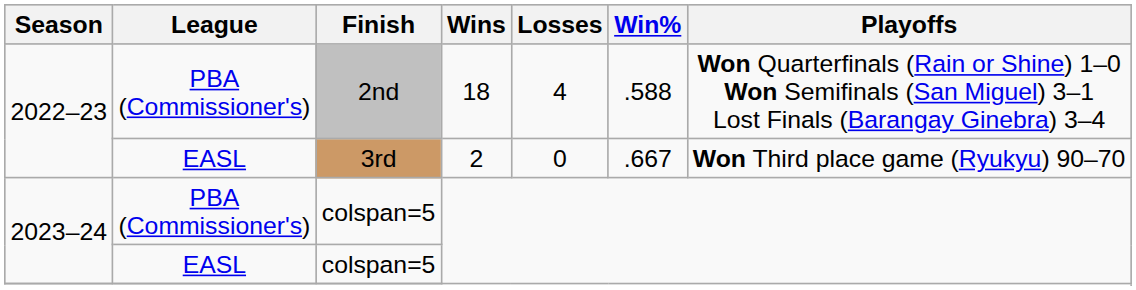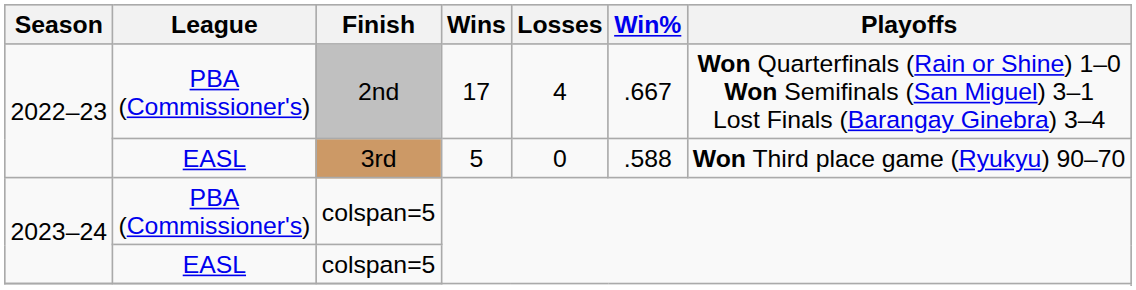 <table class="wikitable" style="text-align:center; font-size:95%">
 <tr>
 <th scope="col">Season</th>
 <th scope="col">League</th>
 <th scope="col">Finish</th>
 <th scope="col">Wins</th>
 <th scope="col">Losses</th>
 <th scope="col"><a href='#'>Win%</a></th>
 <th scope="col">Playoffs</th>
 </tr>
 <tr>
 <td rowspan=2>2022–23</td>
 <td><a href='#'>PBA</a><br>(<a href='#'>Commissioner's</a>)</td>
 <td bgcolor=silver>2nd</td>
-<td>18</td>
+<td>17</td>
 <td>4</td>
-<td>.588</td>
+<td>.667</td>
 <td><strong>Won</strong> Quarterfinals (<a href='#'>Rain or Shine</a>) 1–0<br><strong>Won</strong> Semifinals (<a href='#'>San Miguel</a>) 3–1<br>Lost Finals (<a href='#'>Barangay Ginebra</a>) 3–4</td>
 </tr>
 <tr>
 <td><a href='#'>EASL</a></td>
 <td bgcolor=#cc9966>3rd</td>
-<td>2</td>
+<td>5</td>
 <td>0</td>
-<td>.667</td>
+<td>.588</td>
 <td><strong>Won</strong> Third place game (<a href='#'>Ryukyu</a>) 90–70</td>
 </tr>
 <tr>
 <td rowspan=2>2023–24</td>
 <td><a href='#'>PBA</a><br>(<a href='#'>Commissioner's</a>)</td>
 <td>colspan=5 </td>
 </tr>
 <tr>
 <td><a href='#'>EASL</a></td>
 <td>colspan=5 </td>
 </tr>
 <tr>
 </tr>
 </table>
